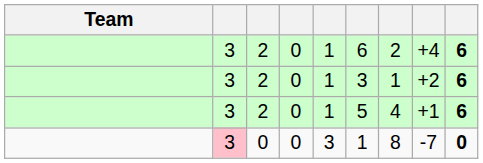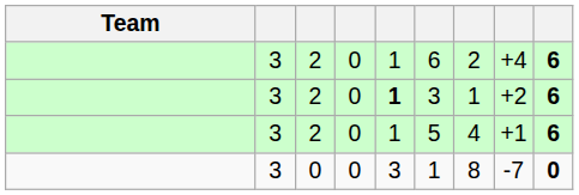 <table class="wikitable" style="text-align: center;">
 <tr>
 <th width=165>Team</th>
 <th width=20></th>
 <th width=20></th>
 <th width=20></th>
 <th width=20></th>
 <th width=20></th>
 <th width=20></th>
 <th width=20></th>
 <th width=20></th>
 </tr>
 <tr style="background:#cfc;">
 <td align=left></td>
 <td>3</td>
 <td>2</td>
 <td>0</td>
 <td>1</td>
 <td>6</td>
 <td>2</td>
 <td>+4</td>
 <td><strong>6</strong></td>
 </tr>
 <tr style="background:#cfc;">
 <td align=left></td>
 <td>3</td>
 <td>2</td>
 <td>0</td>
-<td>1</td>
+<td><strong>1</strong></td>
 <td>3</td>
 <td>1</td>
 <td>+2</td>
 <td><strong>6</strong></td>
 </tr>
 <tr style="background:#cfc;">
 <td align=left></td>
 <td>3</td>
 <td>2</td>
 <td>0</td>
 <td>1</td>
 <td>5</td>
 <td>4</td>
 <td>+1</td>
 <td><strong>6</strong></td>
 </tr>
 <tr>
 <td align=left></td>
-<td style="background: pink;">3</td>
+<td>3</td>
 <td>0</td>
 <td>0</td>
 <td>3</td>
 <td>1</td>
 <td>8</td>
 <td>-7</td>
 <td><strong>0</strong></td>
 </tr>
 </table>
